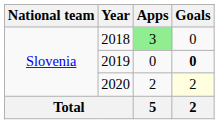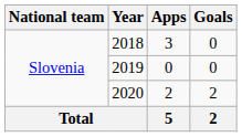 <table class="wikitable" style="text-align:center">
 <tr>
 <th>National team</th>
 <th>Year</th>
 <th>Apps</th>
 <th>Goals</th>
 </tr>
 <tr>
 <td rowspan="3"><a href='#'>Slovenia</a></td>
 <td>2018</td>
-<td style="background: lightgreen;">3</td>
+<td>3</td>
 <td>0</td>
 </tr>
 <tr>
 <td>2019</td>
 <td>0</td>
-<td><strong>0</strong></td>
+<td>0</td>
 </tr>
 <tr>
 <td>2020</td>
 <td>2</td>
-<td style="background: lightyellow;">2</td>
+<td>2</td>
 </tr>
 <tr>
 <th colspan="2">Total</th>
 <th>5</th>
 <th>2</th>
 </tr>
 </table>
